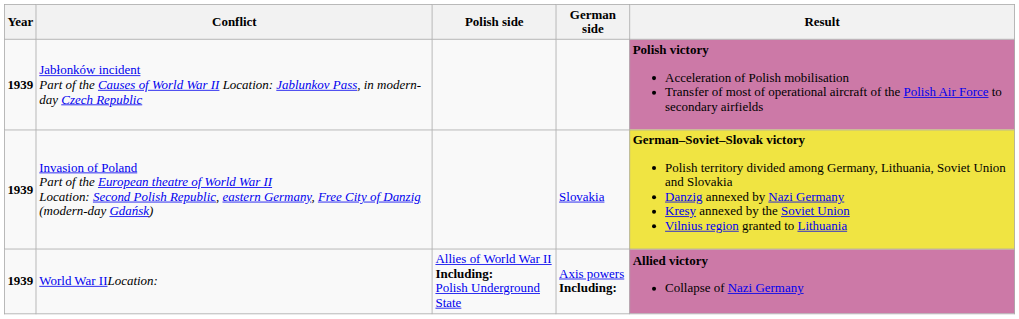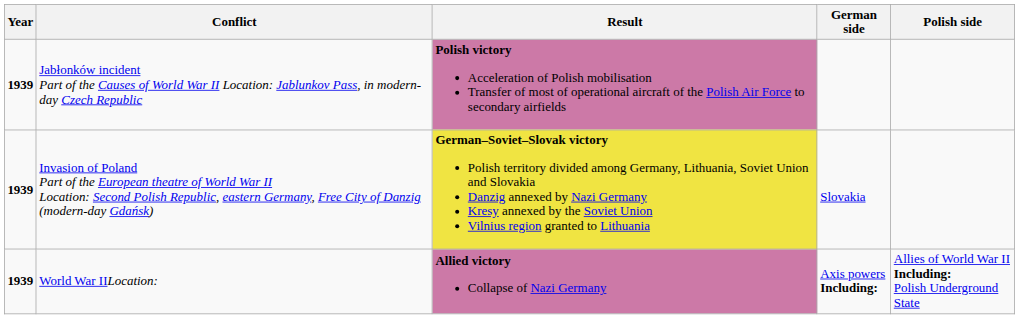 <table class="wikitable">
 <tr>
 <th>Year</th>
 <th>Conflict</th>
+<th>Result</th>
+<th>German side</th>
 <th>Polish side</th>
-<th>German side</th>
-<th>Result</th>
 </tr>
 <tr>
 <td><strong>1939</strong></td>
 <td><a href='#'>Jabłonków incident</a><br><em>Part of the <a href='#'>Causes of World War II</a></em> <em>Location: <a href='#'>Jablunkov Pass</a>, in modern-day <a href='#'>Czech Republic</a></em></td>
+<td style="background:#CC79A7"><strong>Polish victory</strong><br><ul><li>Acceleration of Polish mobilisation</li><li>Transfer of most of operational aircraft of the <a href='#'>Polish Air Force</a> to secondary airfields</li></ul></td>
 <td></td>
 <td></td>
-<td style="background:#CC79A7"><strong>Polish victory</strong><br><ul><li>Acceleration of Polish mobilisation</li><li>Transfer of most of operational aircraft of the <a href='#'>Polish Air Force</a> to secondary airfields</li></ul></td>
 </tr>
 <tr>
 <td><strong>1939</strong></td>
 <td><a href='#'>Invasion of Poland</a><br><em>Part of the <a href='#'>European theatre of World War II</a></em><br><em>Location: <a href='#'>Second Polish Republic</a>, <a href='#'>eastern Germany</a>, <a href='#'>Free City of Danzig</a> (modern-day <a href='#'>Gdańsk</a>)</em></td>
+<td bgcolor="#F0E442"><strong>German–Soviet–Slovak victory</strong><br><ul><li>Polish territory divided among Germany, Lithuania, Soviet Union and Slovakia</li><li><a href='#'>Danzig</a> annexed by <a href='#'>Nazi Germany</a></li><li><a href='#'>Kresy</a> annexed by the <a href='#'>Soviet Union</a></li><li><a href='#'>Vilnius region</a> granted to <a href='#'>Lithuania</a></li></ul></td>
+<td><br> <a href='#'>Slovakia</a><br></td>
 <td></td>
-<td><br> <a href='#'>Slovakia</a><br></td>
-<td bgcolor="#F0E442"><strong>German–Soviet–Slovak victory</strong><br><ul><li>Polish territory divided among Germany, Lithuania, Soviet Union and Slovakia</li><li><a href='#'>Danzig</a> annexed by <a href='#'>Nazi Germany</a></li><li><a href='#'>Kresy</a> annexed by the <a href='#'>Soviet Union</a></li><li><a href='#'>Vilnius region</a> granted to <a href='#'>Lithuania</a></li></ul></td>
 </tr>
 <tr>
 <td><strong>1939</strong></td>
 <td><a href='#'>World War II</a><em>Location:</em></td>
+<td style="background:#CC79A7"><strong>Allied victory</strong><br><ul><li>Collapse of <a href='#'>Nazi Germany</a></li></ul></td>
+<td><a href='#'>Axis powers</a><br><strong>Including:</strong><br></td>
 <td><a href='#'>Allies of World War II</a><br><strong>Including:</strong><br> <a href='#'>Polish Underground State</a></td>
-<td><a href='#'>Axis powers</a><br><strong>Including:</strong><br></td>
-<td style="background:#CC79A7"><strong>Allied victory</strong><br><ul><li>Collapse of <a href='#'>Nazi Germany</a></li></ul></td>
 </tr>
 </table>
